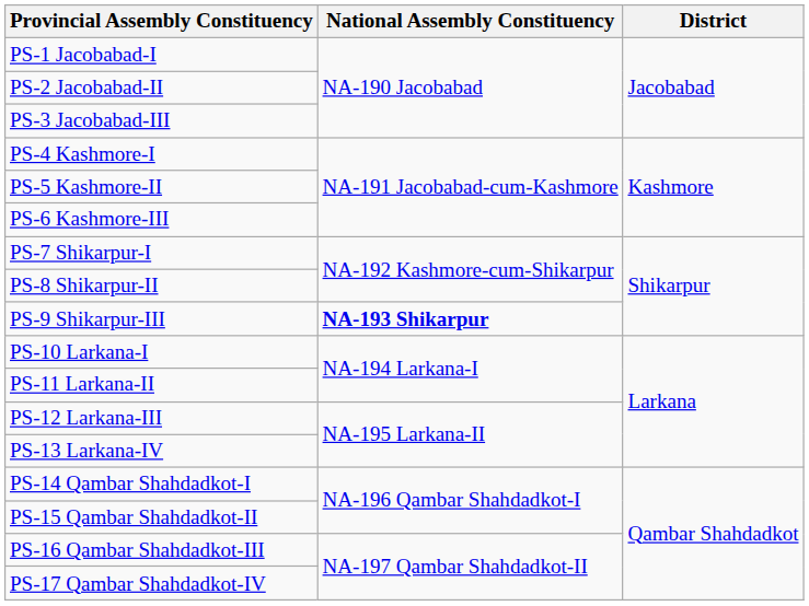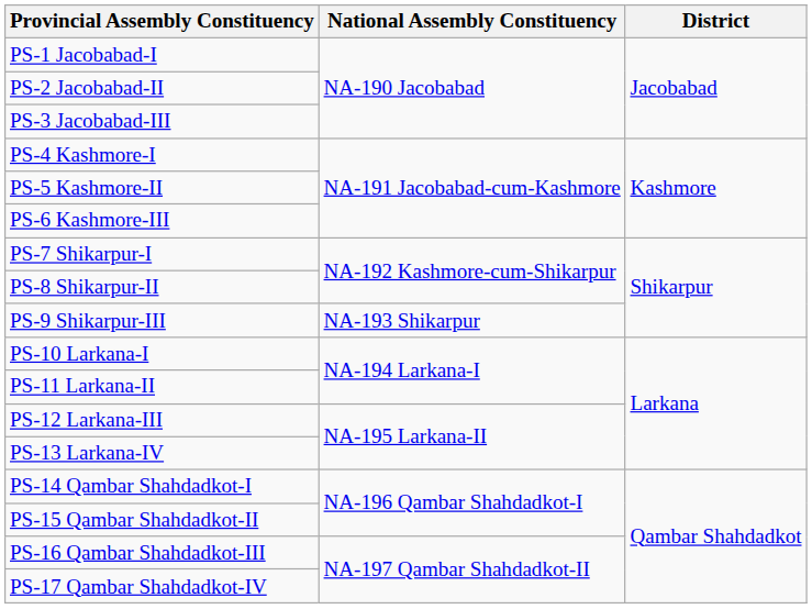 <table class="wikitable sortable static-row-numbers static-row-header-hash">
 <tr>
 <th>Provincial Assembly Constituency</th>
 <th>National Assembly Constituency</th>
 <th>District</th>
 </tr>
 <tr>
 <td><a href='#'>PS-1 Jacobabad-I</a></td>
 <td rowspan="3"><a href='#'>NA-190 Jacobabad</a></td>
 <td rowspan="3"><a href='#'>Jacobabad</a></td>
 </tr>
 <tr>
 <td><a href='#'>PS-2 Jacobabad-II</a></td>
 </tr>
 <tr>
 <td><a href='#'>PS-3 Jacobabad-III</a></td>
 </tr>
 <tr>
 <td><a href='#'>PS-4 Kashmore-I</a></td>
 <td rowspan="3"><a href='#'>NA-191 Jacobabad-cum-Kashmore</a></td>
 <td rowspan="3"><a href='#'>Kashmore</a></td>
 </tr>
 <tr>
 <td><a href='#'>PS-5 Kashmore-II</a></td>
 </tr>
 <tr>
 <td><a href='#'>PS-6 Kashmore-III</a></td>
 </tr>
 <tr>
 <td><a href='#'>PS-7 Shikarpur-I</a></td>
 <td rowspan="2"><a href='#'>NA-192 Kashmore-cum-Shikarpur</a></td>
 <td rowspan="3"><a href='#'>Shikarpur</a></td>
 </tr>
 <tr>
 <td><a href='#'>PS-8 Shikarpur-II</a></td>
 </tr>
 <tr>
 <td><a href='#'>PS-9 Shikarpur-III</a></td>
-<td><strong><a href='#'>NA-193 Shikarpur</a></strong></td>
+<td><a href='#'>NA-193 Shikarpur</a></td>
 </tr>
 <tr>
 <td><a href='#'>PS-10 Larkana-I</a></td>
 <td rowspan="2"><a href='#'>NA-194 Larkana-I</a></td>
 <td rowspan="4"><a href='#'>Larkana</a></td>
 </tr>
 <tr>
 <td><a href='#'>PS-11 Larkana-II</a></td>
 </tr>
 <tr>
 <td><a href='#'>PS-12 Larkana-III</a></td>
 <td rowspan="2"><a href='#'>NA-195 Larkana-II</a></td>
 </tr>
 <tr>
 <td><a href='#'>PS-13 Larkana-IV</a></td>
 </tr>
 <tr>
 <td><a href='#'>PS-14 Qambar Shahdadkot-I</a></td>
 <td rowspan="2"><a href='#'>NA-196 Qambar Shahdadkot-I</a></td>
 <td rowspan="4"><a href='#'>Qambar Shahdadkot</a></td>
 </tr>
 <tr>
 <td><a href='#'>PS-15 Qambar Shahdadkot-II</a></td>
 </tr>
 <tr>
 <td><a href='#'>PS-16 Qambar Shahdadkot-III</a></td>
 <td rowspan="2"><a href='#'>NA-197 Qambar Shahdadkot-II</a></td>
 </tr>
 <tr>
 <td><a href='#'>PS-17 Qambar Shahdadkot-IV</a></td>
 </tr>
 </table>
